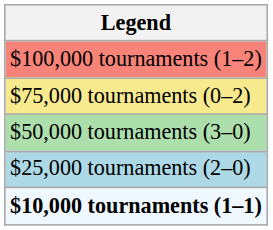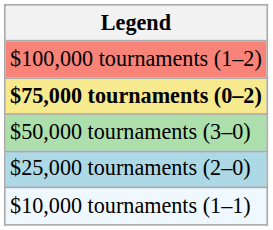 <table class="wikitable" style="font-size:85%">
 <tr>
 <th>Legend</th>
 </tr>
 <tr style="background:#f88379;">
 <td>$100,000 tournaments (1–2)</td>
 </tr>
 <tr style="background:#f7e98e;">
-<td>$75,000  tournaments (0–2)</td>
+<td><strong>$75,000  tournaments (0–2)</strong></td>
 </tr>
 <tr style="background:#addfad;">
 <td>$50,000  tournaments (3–0)</td>
 </tr>
 <tr style="background:lightblue;">
 <td>$25,000 tournaments (2–0)</td>
 </tr>
 <tr style="background:#f0f8ff;">
-<td><strong>$10,000 tournaments (1–1)</strong></td>
+<td>$10,000 tournaments (1–1)</td>
 </tr>
 </table>
